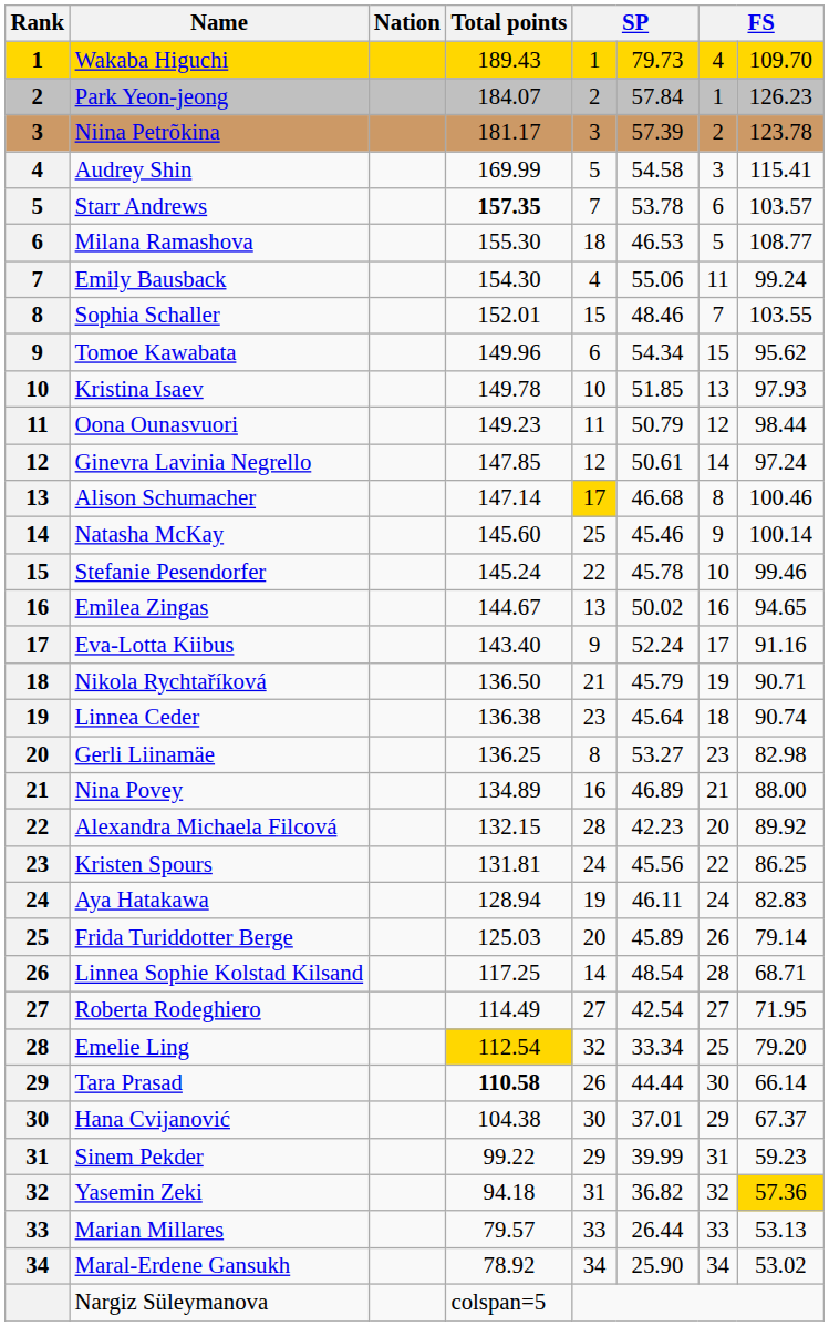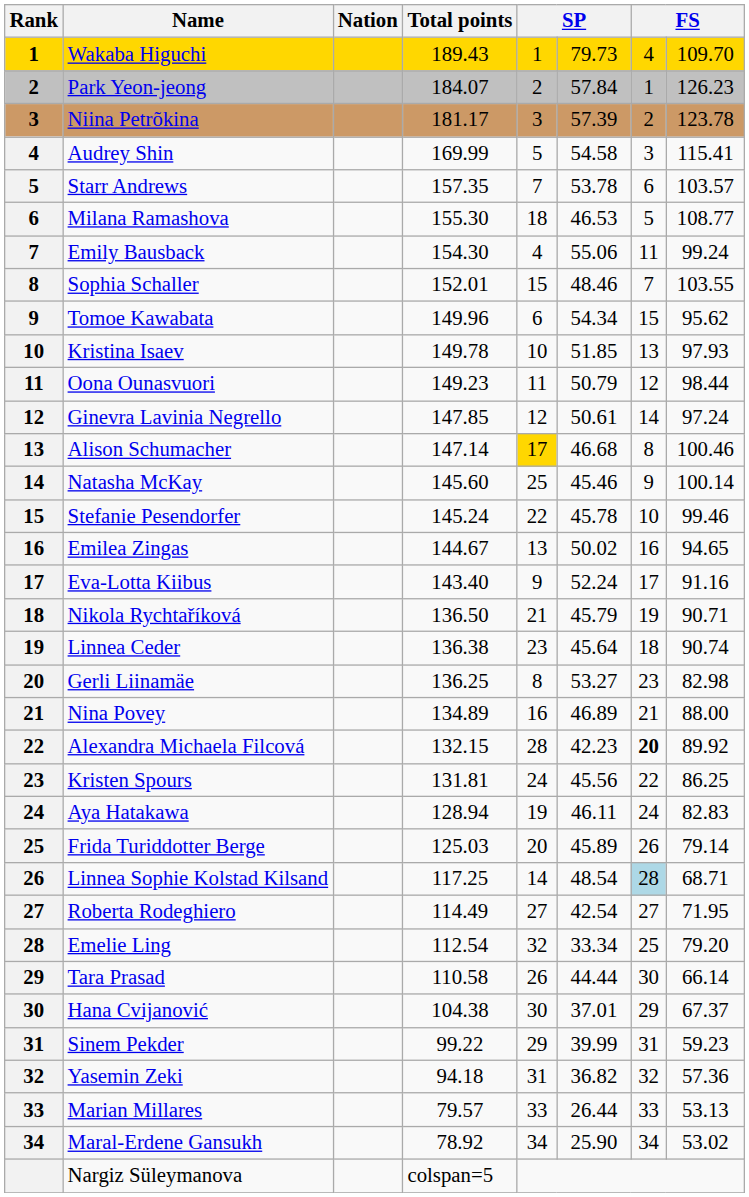 <table class="wikitable sortable">
 <tr>
 <th>Rank</th>
 <th>Name</th>
 <th>Nation</th>
 <th>Total points</th>
 <th colspan="2" width="80px"><a href='#'>SP</a></th>
 <th colspan="2" width="80px"><a href='#'>FS</a></th>
 </tr>
 <tr bgcolor="gold">
 <td align="center"><strong>1</strong></td>
 <td><a href='#'>Wakaba Higuchi</a></td>
 <td></td>
 <td align="center">189.43</td>
 <td align="center">1</td>
 <td align="center">79.73</td>
 <td align="center">4</td>
 <td align="center">109.70</td>
 </tr>
 <tr bgcolor="silver">
 <td align="center"><strong>2</strong></td>
 <td><a href='#'>Park Yeon-jeong</a></td>
 <td></td>
 <td align="center">184.07</td>
 <td align="center">2</td>
 <td align="center">57.84</td>
 <td align="center">1</td>
 <td align="center">126.23</td>
 </tr>
 <tr bgcolor="cc9966">
 <td align="center"><strong>3</strong></td>
 <td><a href='#'>Niina Petrõkina</a></td>
 <td></td>
 <td align="center">181.17</td>
 <td align="center">3</td>
 <td align="center">57.39</td>
 <td align="center">2</td>
 <td align="center">123.78</td>
 </tr>
 <tr>
 <th>4</th>
 <td><a href='#'>Audrey Shin</a></td>
 <td></td>
 <td align="center">169.99</td>
 <td align="center">5</td>
 <td align="center">54.58</td>
 <td align="center">3</td>
 <td align="center">115.41</td>
 </tr>
 <tr>
 <th>5</th>
 <td><a href='#'>Starr Andrews</a></td>
 <td></td>
-<td align="center"><strong>157.35</strong></td>
+<td align="center">157.35</td>
 <td align="center">7</td>
 <td align="center">53.78</td>
 <td align="center">6</td>
 <td align="center">103.57</td>
 </tr>
 <tr>
 <th>6</th>
 <td><a href='#'>Milana Ramashova</a></td>
 <td></td>
 <td align="center">155.30</td>
 <td align="center">18</td>
 <td align="center">46.53</td>
 <td align="center">5</td>
 <td align="center">108.77</td>
 </tr>
 <tr>
 <th>7</th>
 <td><a href='#'>Emily Bausback</a></td>
 <td></td>
 <td align="center">154.30</td>
 <td align="center">4</td>
 <td align="center">55.06</td>
 <td align="center">11</td>
 <td align="center">99.24</td>
 </tr>
 <tr>
 <th>8</th>
 <td><a href='#'>Sophia Schaller</a></td>
 <td></td>
 <td align="center">152.01</td>
 <td align="center">15</td>
 <td align="center">48.46</td>
 <td align="center">7</td>
 <td align="center">103.55</td>
 </tr>
 <tr>
 <th>9</th>
 <td><a href='#'>Tomoe Kawabata</a></td>
 <td></td>
 <td align="center">149.96</td>
 <td align="center">6</td>
 <td align="center">54.34</td>
 <td align="center">15</td>
 <td align="center">95.62</td>
 </tr>
 <tr>
 <th>10</th>
 <td><a href='#'>Kristina Isaev</a></td>
 <td></td>
 <td align="center">149.78</td>
 <td align="center">10</td>
 <td align="center">51.85</td>
 <td align="center">13</td>
 <td align="center">97.93</td>
 </tr>
 <tr>
 <th>11</th>
 <td><a href='#'>Oona Ounasvuori</a></td>
 <td></td>
 <td align="center">149.23</td>
 <td align="center">11</td>
 <td align="center">50.79</td>
 <td align="center">12</td>
 <td align="center">98.44</td>
 </tr>
 <tr>
 <th>12</th>
 <td><a href='#'>Ginevra Lavinia Negrello</a></td>
 <td></td>
 <td align="center">147.85</td>
 <td align="center">12</td>
 <td align="center">50.61</td>
 <td align="center">14</td>
 <td align="center">97.24</td>
 </tr>
 <tr>
 <th>13</th>
 <td><a href='#'>Alison Schumacher</a></td>
 <td></td>
 <td align="center">147.14</td>
 <td align="center" style="background: gold;">17</td>
 <td align="center">46.68</td>
 <td align="center">8</td>
 <td align="center">100.46</td>
 </tr>
 <tr>
 <th>14</th>
 <td><a href='#'>Natasha McKay</a></td>
 <td></td>
 <td align="center">145.60</td>
 <td align="center">25</td>
 <td align="center">45.46</td>
 <td align="center">9</td>
 <td align="center">100.14</td>
 </tr>
 <tr>
 <th>15</th>
 <td><a href='#'>Stefanie Pesendorfer</a></td>
 <td></td>
 <td align="center">145.24</td>
 <td align="center">22</td>
 <td align="center">45.78</td>
 <td align="center">10</td>
 <td align="center">99.46</td>
 </tr>
 <tr>
 <th>16</th>
 <td><a href='#'>Emilea Zingas</a></td>
 <td></td>
 <td align="center">144.67</td>
 <td align="center">13</td>
 <td align="center">50.02</td>
 <td align="center">16</td>
 <td align="center">94.65</td>
 </tr>
 <tr>
 <th>17</th>
 <td><a href='#'>Eva-Lotta Kiibus</a></td>
 <td></td>
 <td align="center">143.40</td>
 <td align="center">9</td>
 <td align="center">52.24</td>
 <td align="center">17</td>
 <td align="center">91.16</td>
 </tr>
 <tr>
 <th>18</th>
 <td><a href='#'>Nikola Rychtaříková</a></td>
 <td></td>
 <td align="center">136.50</td>
 <td align="center">21</td>
 <td align="center">45.79</td>
 <td align="center">19</td>
 <td align="center">90.71</td>
 </tr>
 <tr>
 <th>19</th>
 <td><a href='#'>Linnea Ceder</a></td>
 <td></td>
 <td align="center">136.38</td>
 <td align="center">23</td>
 <td align="center">45.64</td>
 <td align="center">18</td>
 <td align="center">90.74</td>
 </tr>
 <tr>
 <th>20</th>
 <td><a href='#'>Gerli Liinamäe</a></td>
 <td></td>
 <td align="center">136.25</td>
 <td align="center">8</td>
 <td align="center">53.27</td>
 <td align="center">23</td>
 <td align="center">82.98</td>
 </tr>
 <tr>
 <th>21</th>
 <td><a href='#'>Nina Povey</a></td>
 <td></td>
 <td align="center">134.89</td>
 <td align="center">16</td>
 <td align="center">46.89</td>
 <td align="center">21</td>
 <td align="center">88.00</td>
 </tr>
 <tr>
 <th>22</th>
 <td><a href='#'>Alexandra Michaela Filcová</a></td>
 <td></td>
 <td align="center">132.15</td>
 <td align="center">28</td>
 <td align="center">42.23</td>
-<td align="center">20</td>
+<td align="center"><strong>20</strong></td>
 <td align="center">89.92</td>
 </tr>
 <tr>
 <th>23</th>
 <td><a href='#'>Kristen Spours</a></td>
 <td></td>
 <td align="center">131.81</td>
 <td align="center">24</td>
 <td align="center">45.56</td>
 <td align="center">22</td>
 <td align="center">86.25</td>
 </tr>
 <tr>
 <th>24</th>
 <td><a href='#'>Aya Hatakawa</a></td>
 <td></td>
 <td align="center">128.94</td>
 <td align="center">19</td>
 <td align="center">46.11</td>
 <td align="center">24</td>
 <td align="center">82.83</td>
 </tr>
 <tr>
 <th>25</th>
 <td><a href='#'>Frida Turiddotter Berge</a></td>
 <td></td>
 <td align="center">125.03</td>
 <td align="center">20</td>
 <td align="center">45.89</td>
 <td align="center">26</td>
 <td align="center">79.14</td>
 </tr>
 <tr>
 <th>26</th>
 <td><a href='#'>Linnea Sophie Kolstad Kilsand</a></td>
 <td></td>
 <td align="center">117.25</td>
 <td align="center">14</td>
 <td align="center">48.54</td>
-<td align="center">28</td>
+<td align="center" style="background: lightblue;">28</td>
 <td align="center">68.71</td>
 </tr>
 <tr>
 <th>27</th>
 <td><a href='#'>Roberta Rodeghiero</a></td>
 <td></td>
 <td align="center">114.49</td>
 <td align="center">27</td>
 <td align="center">42.54</td>
 <td align="center">27</td>
 <td align="center">71.95</td>
 </tr>
 <tr>
 <th>28</th>
 <td><a href='#'>Emelie Ling</a></td>
 <td></td>
-<td align="center" style="background: gold;">112.54</td>
+<td align="center">112.54</td>
 <td align="center">32</td>
 <td align="center">33.34</td>
 <td align="center">25</td>
 <td align="center">79.20</td>
 </tr>
 <tr>
 <th>29</th>
 <td><a href='#'>Tara Prasad</a></td>
 <td></td>
-<td align="center"><strong>110.58</strong></td>
+<td align="center">110.58</td>
 <td align="center">26</td>
 <td align="center">44.44</td>
 <td align="center">30</td>
 <td align="center">66.14</td>
 </tr>
 <tr>
 <th>30</th>
 <td><a href='#'>Hana Cvijanović</a></td>
 <td></td>
 <td align="center">104.38</td>
 <td align="center">30</td>
 <td align="center">37.01</td>
 <td align="center">29</td>
 <td align="center">67.37</td>
 </tr>
 <tr>
 <th>31</th>
 <td><a href='#'>Sinem Pekder</a></td>
 <td></td>
 <td align="center">99.22</td>
 <td align="center">29</td>
 <td align="center">39.99</td>
 <td align="center">31</td>
 <td align="center">59.23</td>
 </tr>
 <tr>
 <th>32</th>
 <td><a href='#'>Yasemin Zeki</a></td>
 <td></td>
 <td align="center">94.18</td>
 <td align="center">31</td>
 <td align="center">36.82</td>
 <td align="center">32</td>
-<td align="center" style="background: gold;">57.36</td>
+<td align="center">57.36</td>
 </tr>
 <tr>
 <th>33</th>
 <td><a href='#'>Marian Millares</a></td>
 <td></td>
 <td align="center">79.57</td>
 <td align="center">33</td>
 <td align="center">26.44</td>
 <td align="center">33</td>
 <td align="center">53.13</td>
 </tr>
 <tr>
 <th>34</th>
 <td><a href='#'>Maral-Erdene Gansukh</a></td>
 <td></td>
 <td align="center">78.92</td>
 <td align="center">34</td>
 <td align="center">25.90</td>
 <td align="center">34</td>
 <td align="center">53.02</td>
 </tr>
 <tr>
 <th></th>
 <td>Nargiz Süleymanova</td>
 <td></td>
 <td>colspan=5 </td>
 </tr>
 </table>
